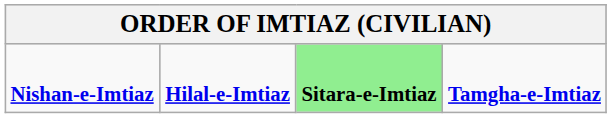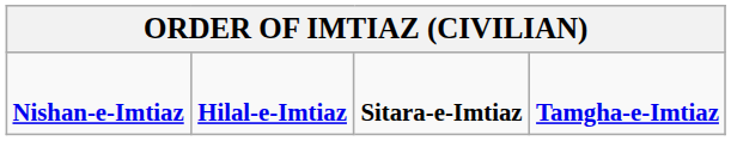 <table class="wikitable" style="margin: 1em auto;">
 <tr>
 <th colspan="4">ORDER OF IMTIAZ (CIVILIAN)</th>
 </tr>
 <tr align="center">
 <td><br><strong><small><a href='#'>Nishan-e-Imtiaz</a></small></strong></td>
 <td><br><strong><small><a href='#'>Hilal-e-Imtiaz</a></small></strong></td>
-<td style="background: lightgreen;"><br><strong><small>Sitara-e-Imtiaz</small></strong></td>
+<td><br><strong><small>Sitara-e-Imtiaz</small></strong></td>
 <td><br><strong><small><a href='#'>Tamgha-e-Imtiaz</a></small></strong></td>
 </tr>
 </table>
